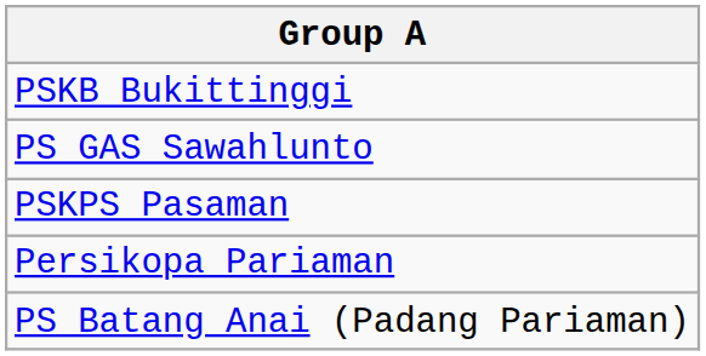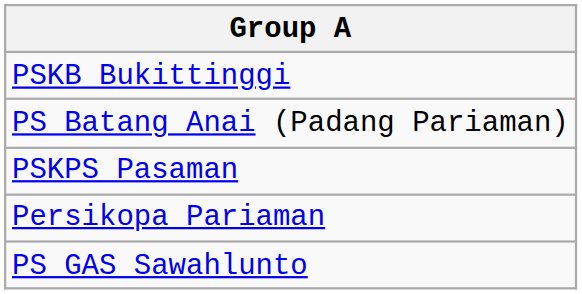 <table class="wikitable">
 <tr>
 <th><strong>Group A</strong></th>
 </tr>
 <tr>
 <td><a href='#'>PSKB Bukittinggi</a></td>
 </tr>
 <tr>
-<td><a href='#'>PS GAS Sawahlunto</a></td>
+<td><a href='#'>PS Batang Anai</a> (Padang Pariaman)</td>
 </tr>
 <tr>
 <td><a href='#'>PSKPS Pasaman</a></td>
 </tr>
 <tr>
 <td><a href='#'>Persikopa Pariaman</a></td>
 </tr>
 <tr>
-<td><a href='#'>PS Batang Anai</a> (Padang Pariaman)</td>
+<td><a href='#'>PS GAS Sawahlunto</a></td>
 </tr>
 </table>
